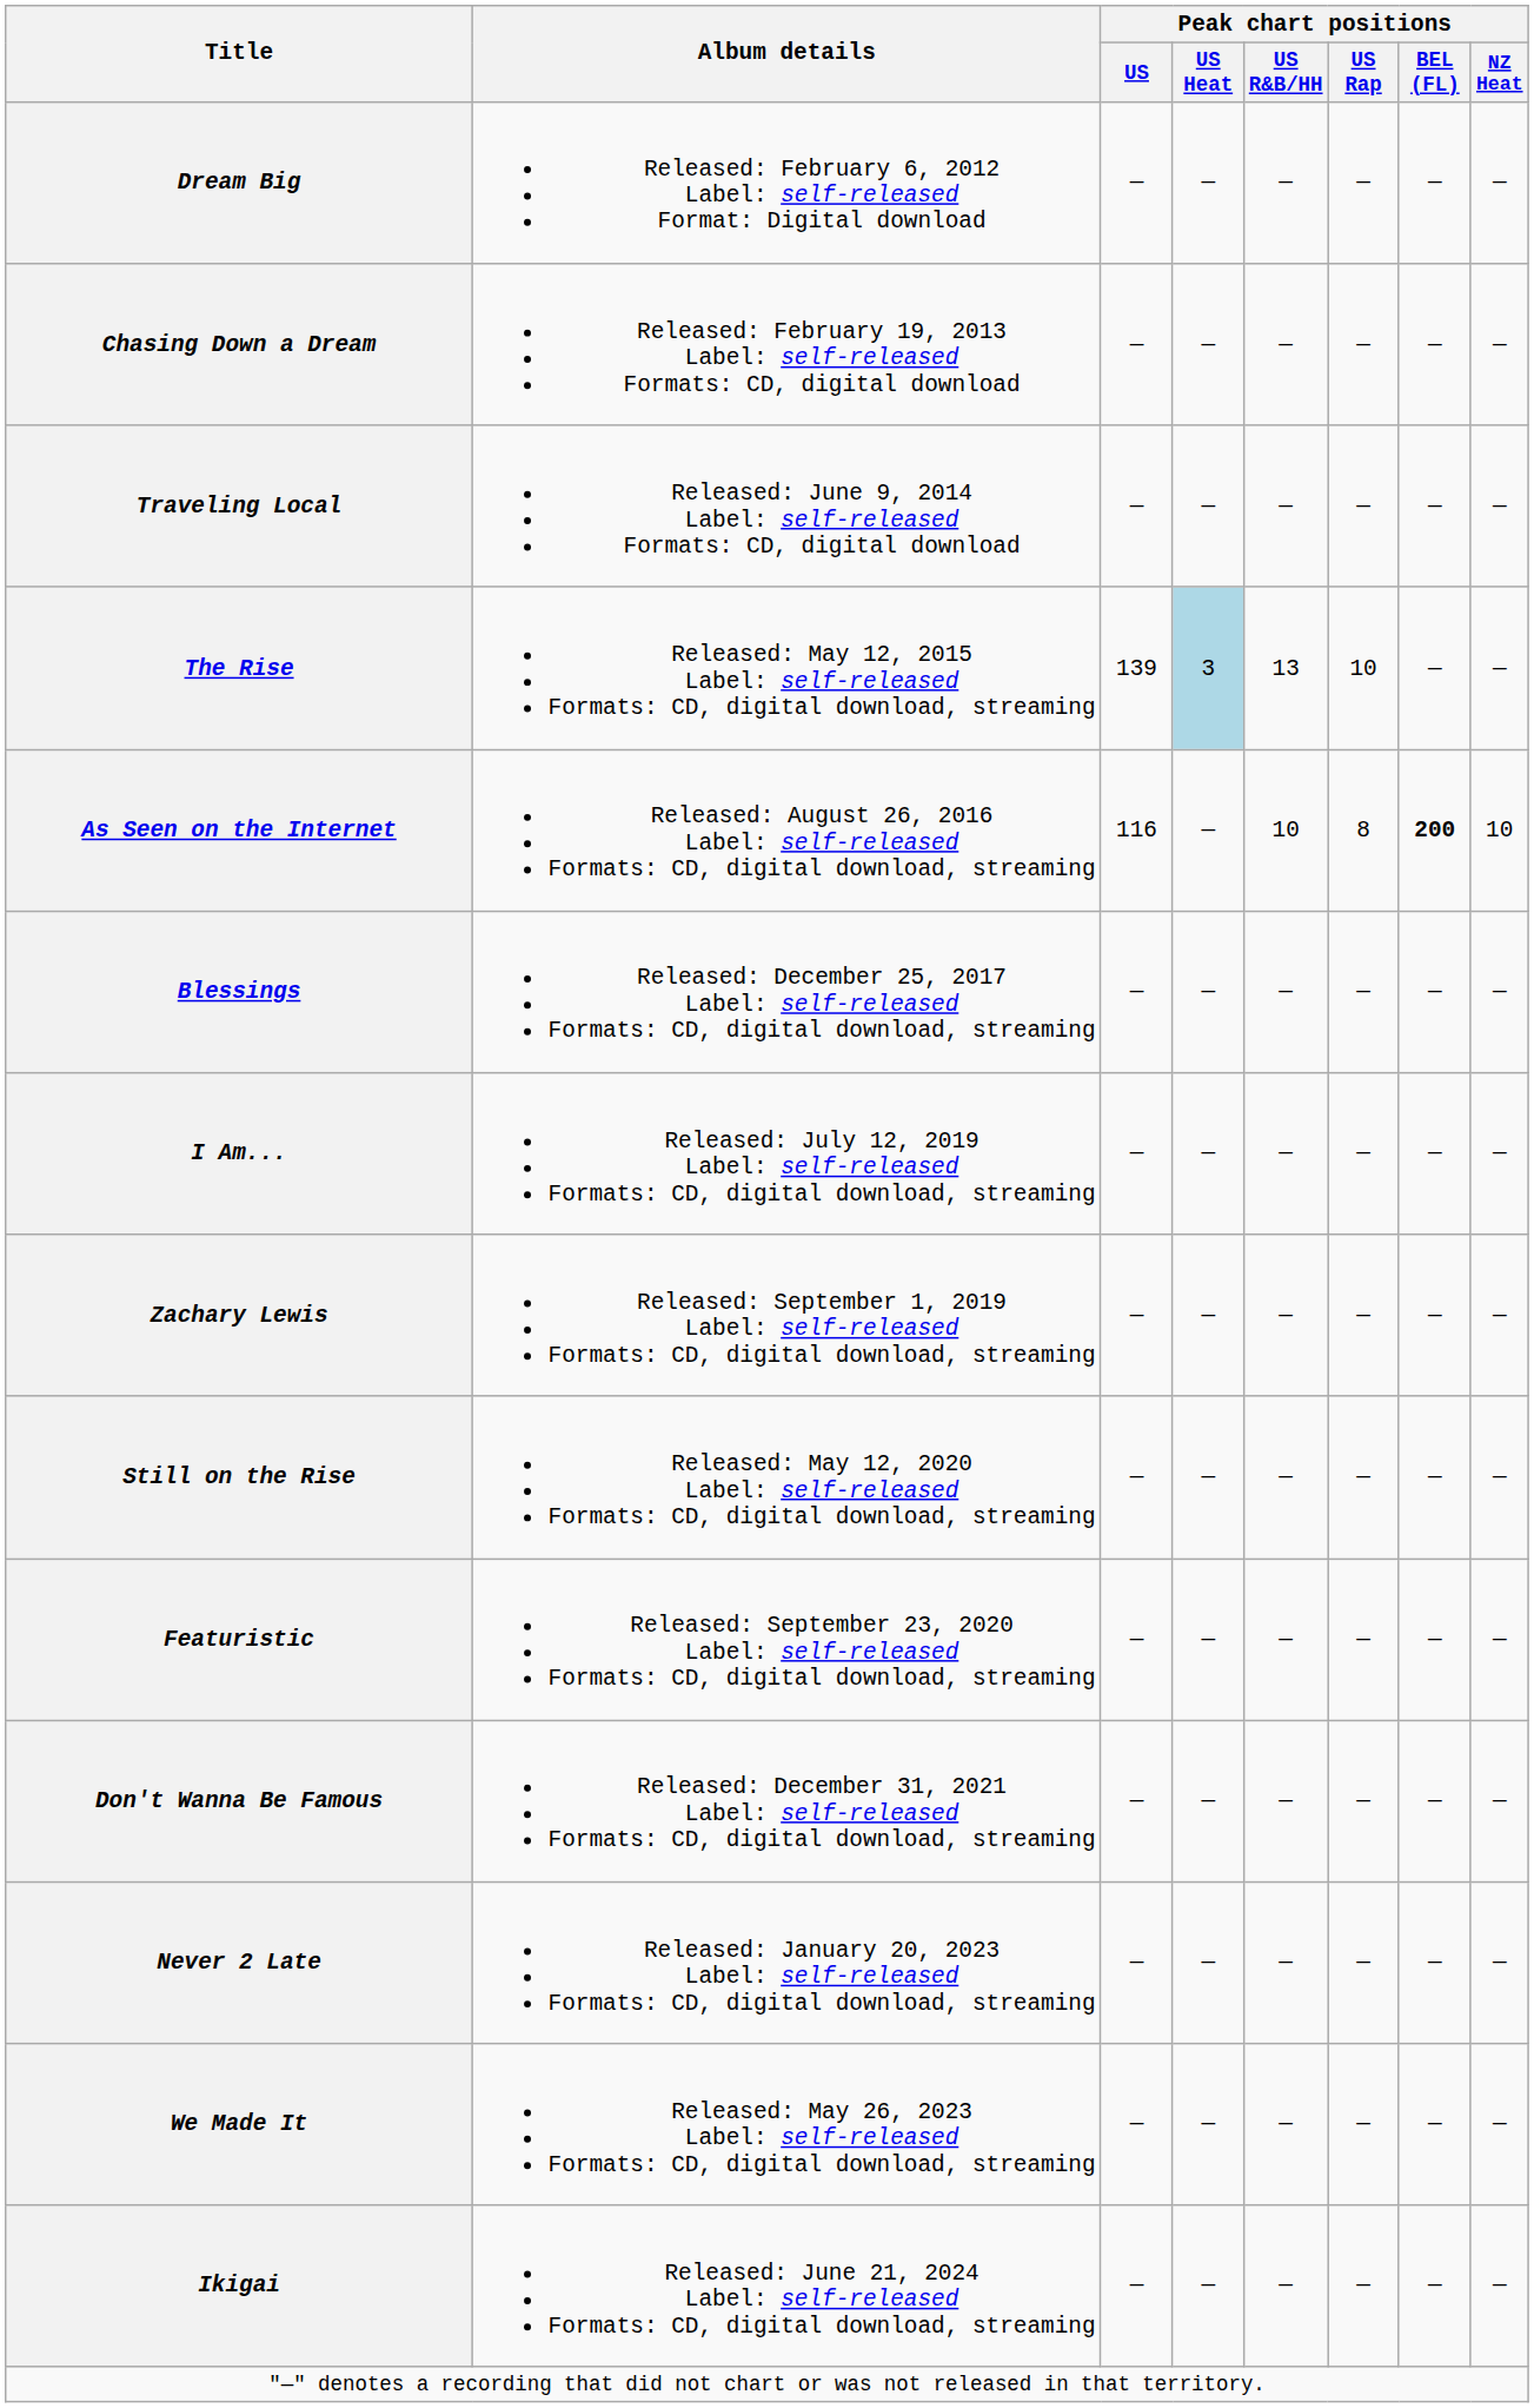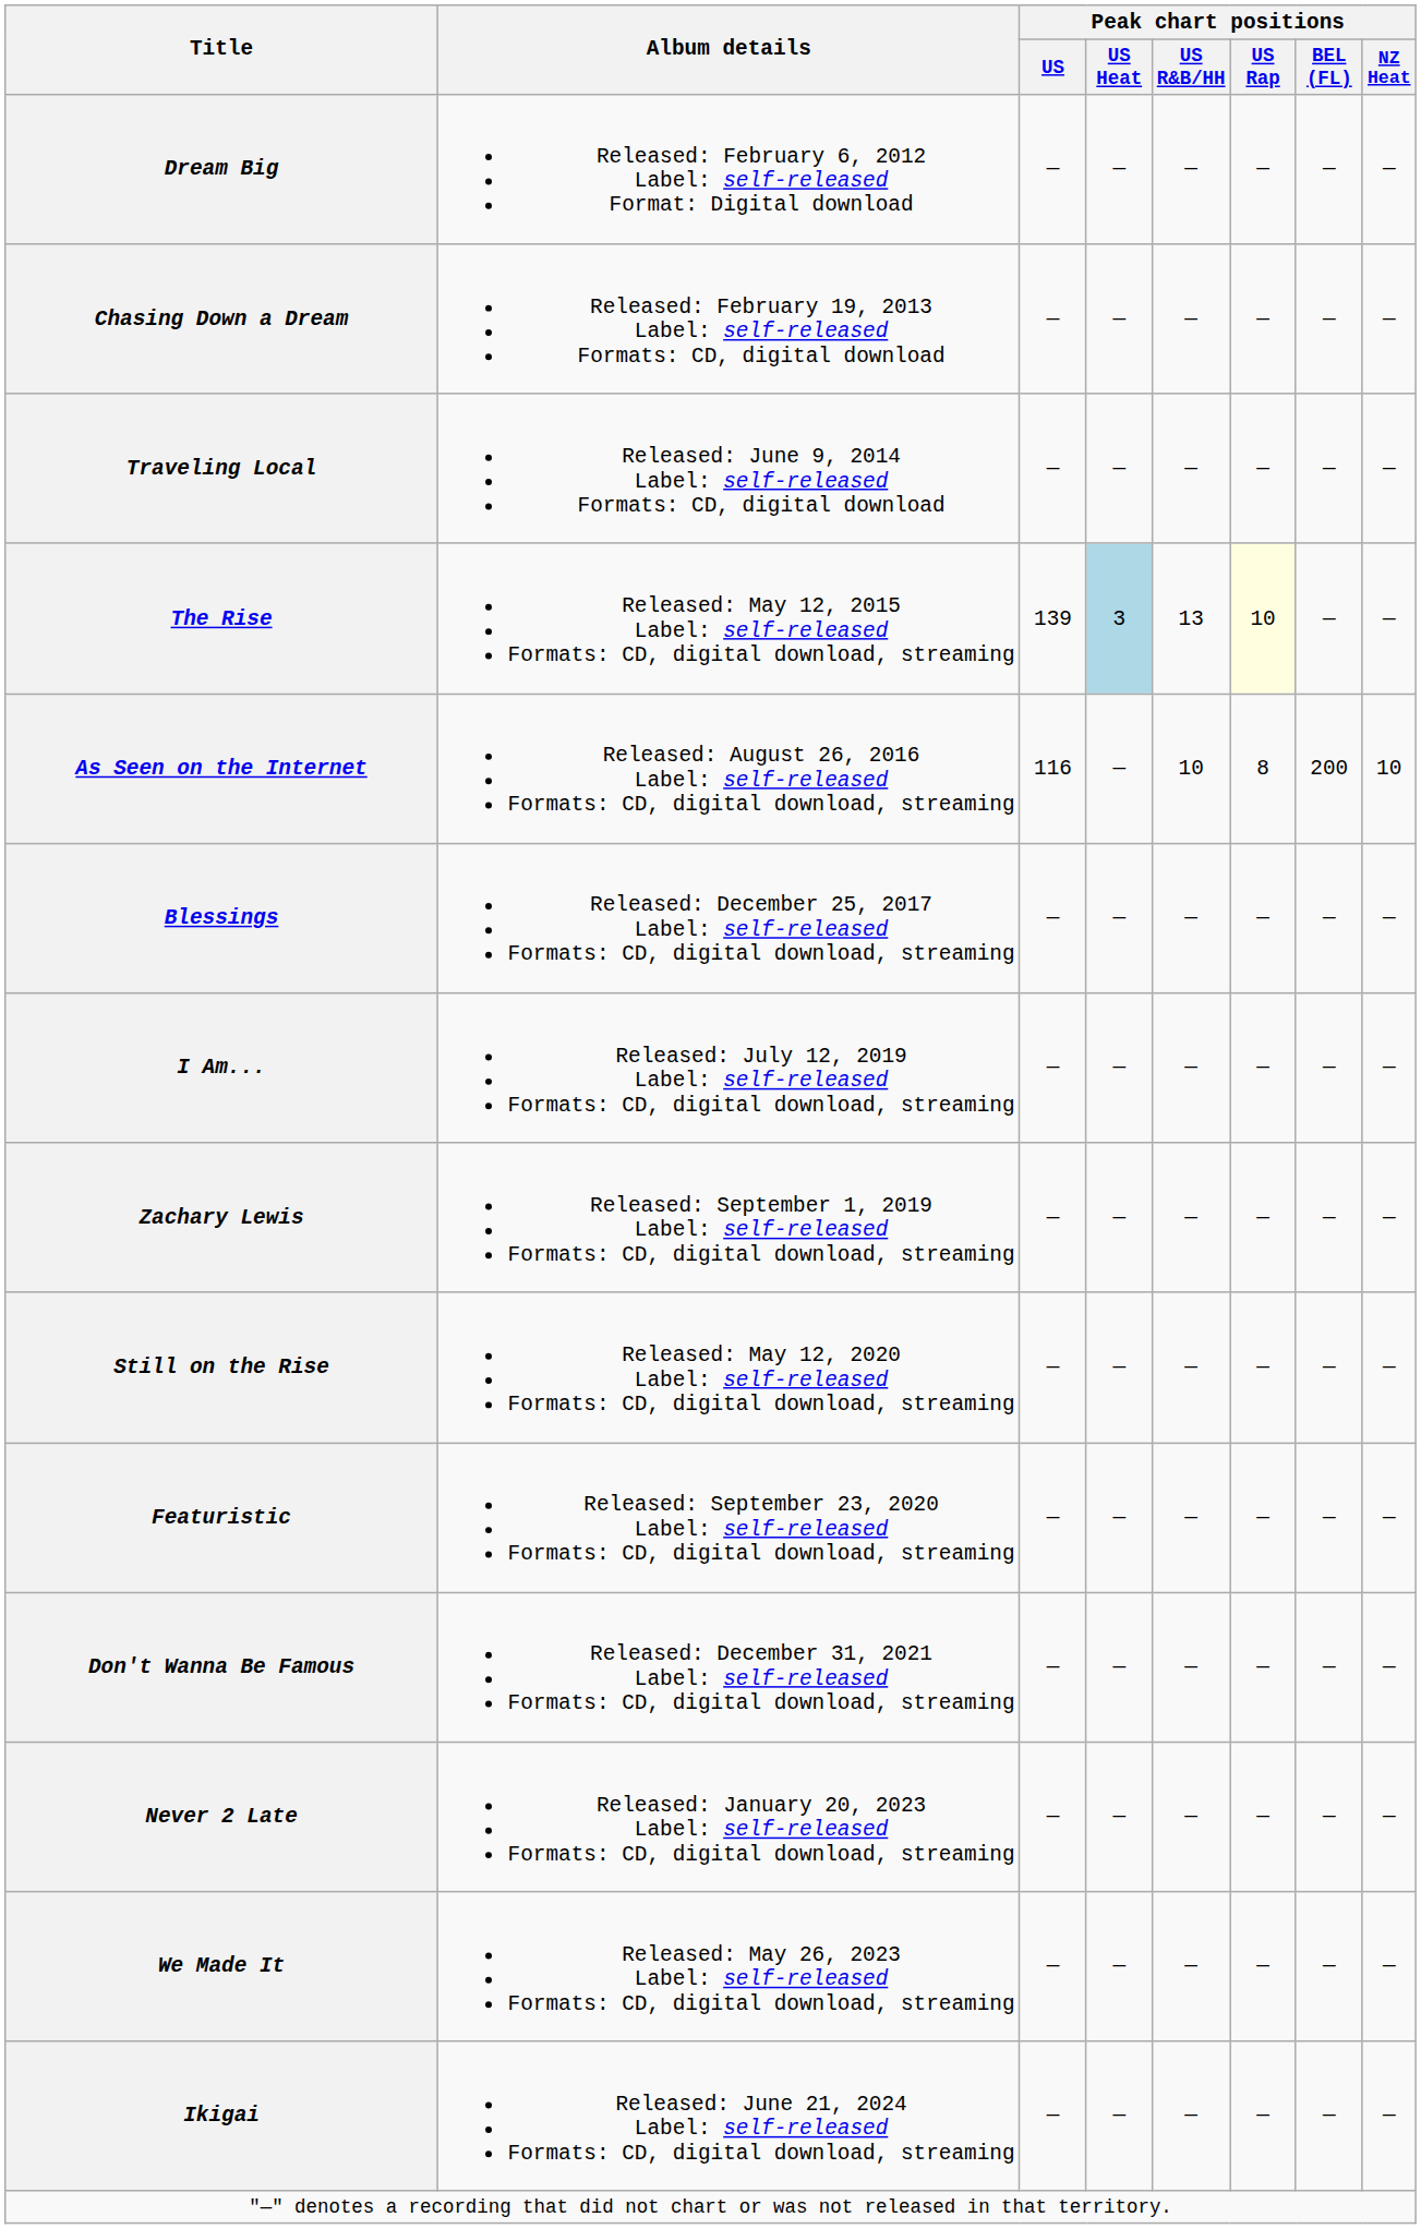 <table class="wikitable plainrowheaders" style="text-align:center;">
 <tr>
 <th scope="col" rowspan="2" style="width:20em;">Title</th>
 <th scope="col" rowspan="2">Album details</th>
 <th scope="col" colspan="6">Peak chart positions</th>
 </tr>
 <tr>
 <th scope="col" style="width:3em;font-size:90%;"><a href='#'>US</a><br></th>
 <th scope="col" style="width:3em;font-size:90%;"><a href='#'>US Heat</a><br></th>
 <th scope="col" style="width:3em;font-size:90%;"><a href='#'>US R&B/HH</a><br></th>
 <th scope="col" style="width:3em;font-size:90%;"><a href='#'>US Rap</a><br></th>
 <th scope="col" style="width:3em;font-size:90%;"><a href='#'>BEL<br>(FL)</a><br></th>
 <th scope="col" style="width:2.5em;font-size:85%;"><a href='#'>NZ<br>Heat</a><br></th>
 </tr>
 <tr>
 <th scope="row"><em>Dream Big</em></th>
 <td><br><ul><li>Released: February 6, 2012</li><li>Label: <em><a href='#'>self-released</a></em></li><li>Format: Digital download</li></ul></td>
 <td>—</td>
 <td>—</td>
 <td>—</td>
 <td>—</td>
 <td>—</td>
 <td>—</td>
 </tr>
 <tr>
 <th scope="row"><em>Chasing Down a Dream</em></th>
 <td><br><ul><li>Released: February 19, 2013</li><li>Label: <em><a href='#'>self-released</a></em></li><li>Formats: CD, digital download</li></ul></td>
 <td>—</td>
 <td>—</td>
 <td>—</td>
 <td>—</td>
 <td>—</td>
 <td>—</td>
 </tr>
 <tr>
 <th scope="row"><em>Traveling Local</em></th>
 <td><br><ul><li>Released: June 9, 2014</li><li>Label: <em><a href='#'>self-released</a></em></li><li>Formats: CD, digital download</li></ul></td>
 <td>—</td>
 <td>—</td>
 <td>—</td>
 <td>—</td>
 <td>—</td>
 <td>—</td>
 </tr>
 <tr>
 <th scope="row"><em><a href='#'>The Rise</a></em></th>
 <td><br><ul><li>Released: May 12, 2015</li><li>Label: <em><a href='#'>self-released</a></em></li><li>Formats: CD, digital download, streaming</li></ul></td>
 <td>139</td>
 <td style="background: lightblue;">3</td>
 <td>13</td>
-<td>10</td>
+<td style="background: lightyellow;">10</td>
 <td>—</td>
 <td>—</td>
 </tr>
 <tr>
 <th scope="row"><em><a href='#'>As Seen on the Internet</a></em></th>
 <td><br><ul><li>Released: August 26, 2016</li><li>Label: <em><a href='#'>self-released</a></em></li><li>Formats: CD, digital download, streaming</li></ul></td>
 <td>116</td>
 <td>—</td>
 <td>10</td>
 <td>8</td>
-<td><strong>200</strong></td>
+<td>200</td>
 <td>10</td>
 </tr>
 <tr>
 <th scope="row"><em><a href='#'>Blessings</a></em></th>
 <td><br><ul><li>Released: December 25, 2017</li><li>Label: <em><a href='#'>self-released</a></em></li><li>Formats: CD, digital download, streaming</li></ul></td>
 <td>—</td>
 <td>—</td>
 <td>—</td>
 <td>—</td>
 <td>—</td>
 <td>—</td>
 </tr>
 <tr>
 <th scope="row"><em>I Am...</em></th>
 <td><br><ul><li>Released: July 12, 2019</li><li>Label: <em><a href='#'>self-released</a></em></li><li>Formats: CD, digital download, streaming</li></ul></td>
 <td>—</td>
 <td>—</td>
 <td>—</td>
 <td>—</td>
 <td>—</td>
 <td>—</td>
 </tr>
 <tr>
 <th scope="row"><em>Zachary Lewis</em></th>
 <td><br><ul><li>Released: September 1, 2019</li><li>Label: <em><a href='#'>self-released</a></em></li><li>Formats: CD, digital download, streaming</li></ul></td>
 <td>—</td>
 <td>—</td>
 <td>—</td>
 <td>—</td>
 <td>—</td>
 <td>—</td>
 </tr>
 <tr>
 <th scope="row"><em>Still on the Rise</em></th>
 <td><br><ul><li>Released: May 12, 2020</li><li>Label: <em><a href='#'>self-released</a></em></li><li>Formats: CD, digital download, streaming</li></ul></td>
 <td>—</td>
 <td>—</td>
 <td>—</td>
 <td>—</td>
 <td>—</td>
 <td>—</td>
 </tr>
 <tr>
 <th scope="row"><em>Featuristic</em></th>
 <td><br><ul><li>Released: September 23, 2020</li><li>Label: <em><a href='#'>self-released</a></em></li><li>Formats: CD, digital download, streaming</li></ul></td>
 <td>—</td>
 <td>—</td>
 <td>—</td>
 <td>—</td>
 <td>—</td>
 <td>—</td>
 </tr>
 <tr>
 <th scope="row"><em>Don't Wanna Be Famous</em></th>
 <td><br><ul><li>Released: December 31, 2021</li><li>Label: <em><a href='#'>self-released</a></em></li><li>Formats: CD, digital download, streaming</li></ul></td>
 <td>—</td>
 <td>—</td>
 <td>—</td>
 <td>—</td>
 <td>—</td>
 <td>—</td>
 </tr>
 <tr>
 <th scope="row"><em>Never 2 Late</em></th>
 <td><br><ul><li>Released: January 20, 2023</li><li>Label: <em><a href='#'>self-released</a></em></li><li>Formats: CD, digital download, streaming</li></ul></td>
 <td>—</td>
 <td>—</td>
 <td>—</td>
 <td>—</td>
 <td>—</td>
 <td>—</td>
 </tr>
 <tr>
 <th scope="row"><em>We Made It</em></th>
 <td><br><ul><li>Released: May 26, 2023</li><li>Label: <em><a href='#'>self-released</a></em></li><li>Formats: CD, digital download, streaming</li></ul></td>
 <td>—</td>
 <td>—</td>
 <td>—</td>
 <td>—</td>
 <td>—</td>
 <td>—</td>
 </tr>
 <tr>
 <th scope="row"><em>Ikigai</em></th>
 <td><br><ul><li>Released: June 21, 2024</li><li>Label: <em><a href='#'>self-released</a></em></li><li>Formats: CD, digital download, streaming</li></ul></td>
 <td>—</td>
 <td>—</td>
 <td>—</td>
 <td>—</td>
 <td>—</td>
 <td>—</td>
 </tr>
 <tr>
 <td colspan="9" style="font-size:90%">"—" denotes a recording that did not chart or was not released in that territory.</td>
 </tr>
 </table>
